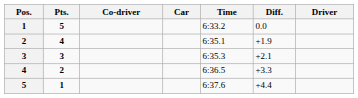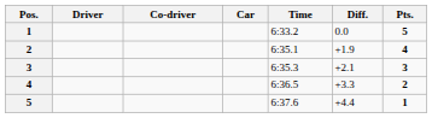 <table class="wikitable" width=60% style="font-size: 85%;">
 <tr>
 <th>Pos.</th>
-<th>Pts.</th>
+<th>Driver</th>
 <th>Co-driver</th>
 <th>Car</th>
 <th>Time</th>
 <th>Diff.</th>
-<th>Driver</th>
+<th>Pts.</th>
 </tr>
 <tr>
 <th>1</th>
-<td align="center"><strong>5</strong></td>
+<td></td>
 <td></td>
 <td></td>
 <td>6:33.2</td>
 <td>0.0</td>
-<td></td>
+<td align="center"><strong>5</strong></td>
 </tr>
 <tr>
 <th>2</th>
-<td align="center"><strong>4</strong></td>
+<td></td>
 <td></td>
 <td></td>
 <td>6:35.1</td>
 <td>+1.9</td>
-<td></td>
+<td align="center"><strong>4</strong></td>
 </tr>
 <tr>
 <th>3</th>
-<td align="center"><strong>3</strong></td>
+<td></td>
 <td></td>
 <td></td>
 <td>6:35.3</td>
 <td>+2.1</td>
-<td></td>
+<td align="center"><strong>3</strong></td>
 </tr>
 <tr>
 <th>4</th>
-<td align="center"><strong>2</strong></td>
+<td></td>
 <td></td>
 <td></td>
 <td>6:36.5</td>
 <td>+3.3</td>
-<td></td>
+<td align="center"><strong>2</strong></td>
 </tr>
 <tr>
 <th>5</th>
-<td align="center"><strong>1</strong></td>
+<td></td>
 <td></td>
 <td></td>
 <td>6:37.6</td>
 <td>+4.4</td>
-<td></td>
+<td align="center"><strong>1</strong></td>
 </tr>
 </table>
